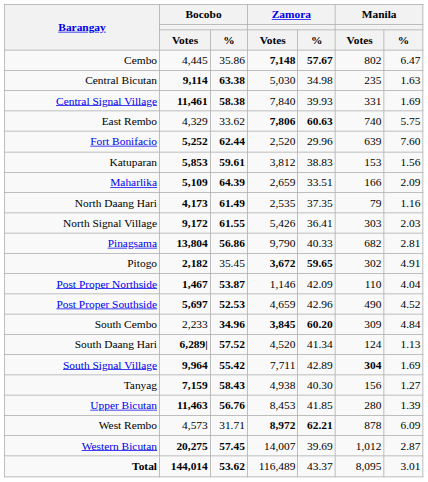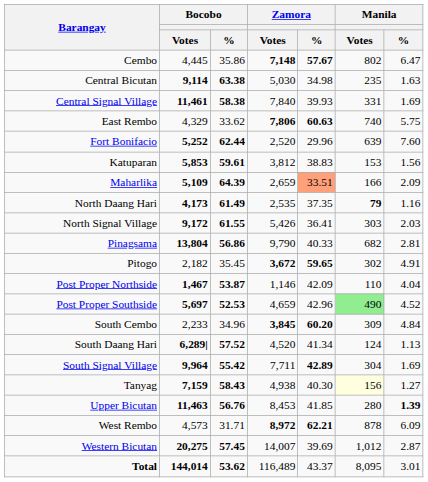 <table class="wikitable collapsible collapsed" style="text-align:right; font-size:95%; line-height:20px;">
 <tr>
 <th rowspan="3" width="200"><a href='#'>Barangay</a></th>
 <th colspan="2" width="110">Bocobo</th>
 <th colspan="2" width="110"><a href='#'> Zamora</a></th>
 <th colspan="2" width="110">Manila</th>
 </tr>
 <tr>
 <th colspan="2" style="background:"></th>
 <th colspan="2" style="background:"></th>
 <th colspan="2" style="background:"></th>
 </tr>
 <tr>
 <th>Votes</th>
 <th>%</th>
 <th>Votes</th>
 <th>%</th>
 <th>Votes</th>
 <th>%</th>
 </tr>
 <tr>
 <td>Cembo</td>
 <td>4,445</td>
 <td>35.86</td>
 <td style="background:#"><strong>7,148</strong></td>
 <td style="background:#"><strong>57.67</strong></td>
 <td>802</td>
 <td>6.47</td>
 </tr>
 <tr>
 <td>Central Bicutan</td>
 <td style="background:#"><strong>9,114</strong></td>
 <td style="background:#"><strong>63.38</strong></td>
 <td>5,030</td>
 <td>34.98</td>
 <td>235</td>
 <td>1.63</td>
 </tr>
 <tr>
 <td><a href='#'>Central Signal Village</a></td>
 <td style="background:#"><strong>11,461</strong></td>
 <td style="background:#"><strong>58.38</strong></td>
 <td>7,840</td>
 <td>39.93</td>
 <td>331</td>
 <td>1.69</td>
 </tr>
 <tr>
 <td>East Rembo</td>
 <td>4,329</td>
 <td>33.62</td>
 <td style="background:#"><strong>7,806</strong></td>
 <td style="background:#"><strong>60.63</strong></td>
 <td>740</td>
 <td>5.75</td>
 </tr>
 <tr>
 <td><a href='#'> Fort Bonifacio</a></td>
 <td style="background:#"><strong>5,252</strong></td>
 <td style="background:#"><strong>62.44</strong></td>
 <td>2,520</td>
 <td>29.96</td>
 <td>639</td>
 <td>7.60</td>
 </tr>
 <tr>
 <td>Katuparan</td>
 <td style="background:#"><strong>5,853</strong></td>
 <td style="background:#"><strong>59.61</strong></td>
 <td>3,812</td>
 <td>38.83</td>
 <td>153</td>
 <td>1.56</td>
 </tr>
 <tr>
 <td><a href='#'> Maharlika</a></td>
 <td style="background:#"><strong>5,109</strong></td>
 <td style="background:#"><strong>64.39</strong></td>
 <td>2,659</td>
-<td>33.51</td>
+<td style="background: lightsalmon;">33.51</td>
 <td>166</td>
 <td>2.09</td>
 </tr>
 <tr>
 <td>North Daang Hari</td>
 <td style="background:#"><strong>4,173</strong></td>
 <td style="background:#"><strong>61.49</strong></td>
 <td>2,535</td>
 <td>37.35</td>
-<td>79</td>
+<td><strong>79</strong></td>
 <td>1.16</td>
 </tr>
 <tr>
 <td>North Signal Village</td>
 <td style="background:#"><strong>9,172</strong></td>
 <td style="background:#"><strong>61.55</strong></td>
 <td>5,426</td>
 <td>36.41</td>
 <td>303</td>
 <td>2.03</td>
 </tr>
 <tr>
 <td><a href='#'>Pinagsama</a></td>
 <td style="background:#"><strong>13,804</strong></td>
 <td style="background:#"><strong>56.86</strong></td>
 <td>9,790</td>
 <td>40.33</td>
 <td>682</td>
 <td>2.81</td>
 </tr>
 <tr>
 <td>Pitogo</td>
-<td><strong>2,182</strong></td>
+<td>2,182</td>
 <td>35.45</td>
 <td style="background:#"><strong>3,672</strong></td>
 <td style="background:#"><strong>59.65</strong></td>
 <td>302</td>
 <td>4.91</td>
 </tr>
 <tr>
 <td><a href='#'>Post Proper Northside</a></td>
 <td style="background:#"><strong>1,467</strong></td>
 <td style="background:#"><strong>53.87</strong></td>
 <td>1,146</td>
 <td>42.09</td>
 <td>110</td>
 <td>4.04</td>
 </tr>
 <tr>
 <td><a href='#'>Post Proper Southside</a></td>
 <td style="background:#"><strong>5,697</strong></td>
 <td style="background:#"><strong>52.53</strong></td>
 <td>4,659</td>
 <td>42.96</td>
-<td>490</td>
+<td style="background: lightgreen;">490</td>
 <td>4.52</td>
 </tr>
 <tr>
 <td>South Cembo</td>
 <td>2,233</td>
-<td><strong>34.96</strong></td>
+<td>34.96</td>
 <td style="background:#"><strong>3,845</strong></td>
 <td style="background:#"><strong>60.20</strong></td>
 <td>309</td>
 <td>4.84</td>
 </tr>
 <tr>
 <td>South Daang Hari</td>
 <td style="background:#"><strong>6,289|</strong></td>
 <td style="background:#"><strong>57.52</strong></td>
 <td>4,520</td>
 <td>41.34</td>
 <td>124</td>
 <td>1.13</td>
 </tr>
 <tr>
 <td><a href='#'>South Signal Village</a></td>
 <td style="background:#"><strong>9,964</strong></td>
 <td style="background:#"><strong>55.42</strong></td>
 <td>7,711</td>
-<td>42.89</td>
-<td><strong>304</strong></td>
+<td><strong>42.89</strong></td>
+<td>304</td>
 <td>1.69</td>
 </tr>
 <tr>
 <td>Tanyag</td>
 <td style="background:#"><strong>7,159</strong></td>
 <td style="background:#"><strong>58.43</strong></td>
 <td>4,938</td>
 <td>40.30</td>
-<td>156</td>
+<td style="background: lightyellow;">156</td>
 <td>1.27</td>
 </tr>
 <tr>
 <td><a href='#'>Upper Bicutan</a></td>
 <td style="background:#"><strong>11,463</strong></td>
 <td style="background:#"><strong>56.76</strong></td>
 <td>8,453</td>
 <td>41.85</td>
 <td>280</td>
-<td>1.39</td>
+<td><strong>1.39</strong></td>
 </tr>
 <tr>
 <td>West Rembo</td>
 <td>4,573</td>
 <td>31.71</td>
 <td style="background:#"><strong>8,972</strong></td>
 <td style="background:#"><strong>62.21</strong></td>
 <td>878</td>
 <td>6.09</td>
 </tr>
 <tr>
 <td><a href='#'>Western Bicutan</a></td>
 <td style="background:#"><strong>20,275</strong></td>
 <td style="background:#"><strong>57.45</strong></td>
 <td>14,007</td>
 <td>39.69</td>
 <td>1,012</td>
 <td>2.87</td>
 </tr>
 <tr>
 <td><strong>Total</strong></td>
 <td style="background:#"><strong>144,014</strong></td>
 <td style="background:#"><strong>53.62</strong></td>
 <td>116,489</td>
 <td>43.37</td>
 <td>8,095</td>
 <td>3.01</td>
 </tr>
 </table>
